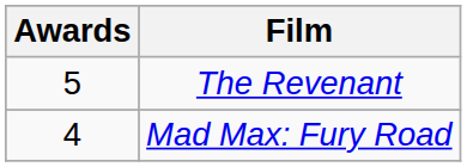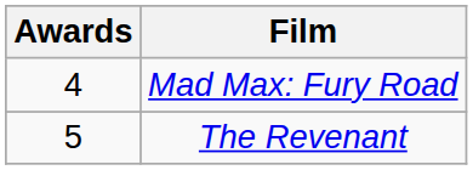 <table class="wikitable" style="text-align:center;">
 <tr>
 <th style="background:">Awards</th>
 <th style="background:">Film</th>
 </tr>
 <tr>
+<td>4</td>
+<td><em><a href='#'>Mad Max: Fury Road</a></em></td>
+</tr>
+<tr>
 <td>5</td>
 <td><em><a href='#'>The Revenant</a></em></td>
 </tr>
-<tr>
-<td>4</td>
-<td><em><a href='#'>Mad Max: Fury Road</a></em></td>
-</tr>
 </table>
